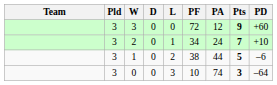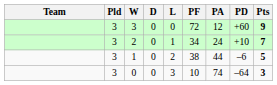 <table class="wikitable" style="text-align:center;">
 <tr>
 <th width="160">Team</th>
 <th width="25" abbr="Played">Pld</th>
 <th width="25" abbr="Won">W</th>
 <th width="25" abbr="Drawn">D</th>
 <th width="25" abbr="Lost">L</th>
 <th width="32" abbr="Points for">PF</th>
 <th width="32" abbr="Points against">PA</th>
+<th width="32" abbr="Points difference">PD</th>
 <th width="25" abbr="Points">Pts</th>
-<th width="32" abbr="Points difference">PD</th>
 </tr>
 <tr bgcolor="ccffcc">
 <td align="left"></td>
 <td>3</td>
 <td>3</td>
 <td>0</td>
 <td>0</td>
 <td>72</td>
 <td>12</td>
+<td>+60</td>
 <td><strong>9</strong></td>
-<td>+60</td>
 </tr>
 <tr bgcolor="ccffcc">
 <td align="left"></td>
 <td>3</td>
 <td>2</td>
 <td>0</td>
 <td>1</td>
 <td>34</td>
 <td>24</td>
+<td>+10</td>
 <td><strong>7</strong></td>
-<td>+10</td>
 </tr>
 <tr>
 <td align="left"></td>
 <td>3</td>
 <td>1</td>
 <td>0</td>
 <td>2</td>
 <td>38</td>
 <td>44</td>
+<td>–6</td>
 <td><strong>5</strong></td>
-<td>–6</td>
 </tr>
 <tr>
 <td align="left"></td>
 <td>3</td>
 <td>0</td>
 <td>0</td>
 <td>3</td>
 <td>10</td>
 <td>74</td>
+<td>–64</td>
 <td><strong>3</strong></td>
-<td>–64</td>
 </tr>
 </table>
